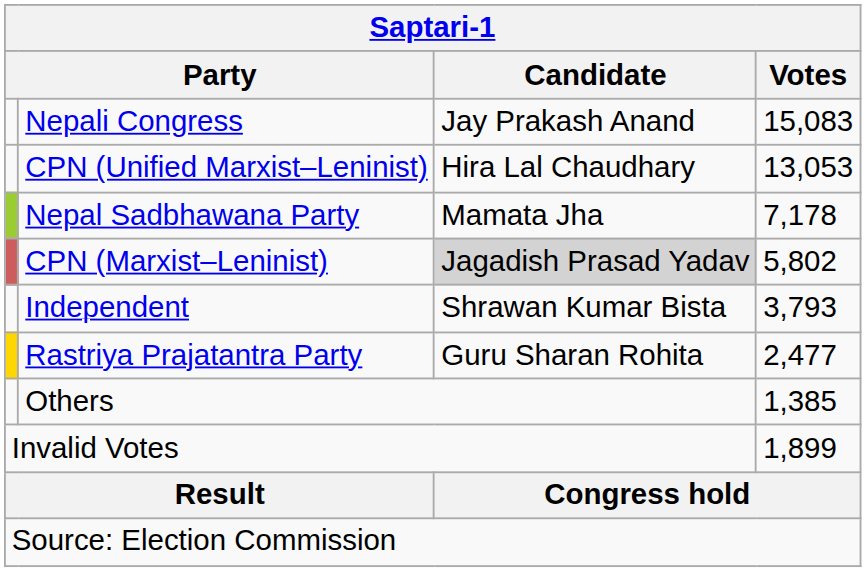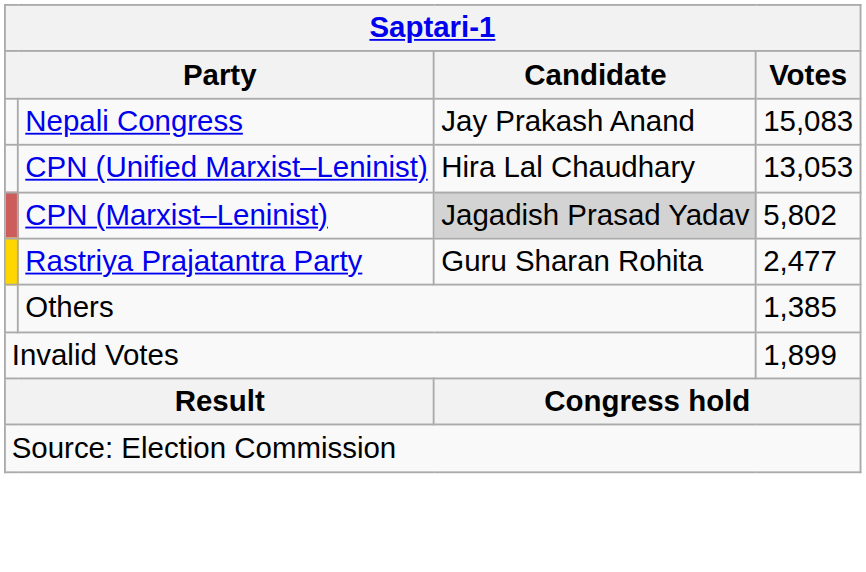 <table class="wikitable">
 <tr>
 <th colspan="4"><a href='#'>Saptari-1</a></th>
 </tr>
 <tr>
 <th colspan="2">Party</th>
 <th>Candidate</th>
 <th>Votes</th>
 </tr>
 <tr>
 <td style="background-color:"></td>
 <td><a href='#'>Nepali Congress</a></td>
 <td>Jay Prakash Anand</td>
 <td>15,083</td>
 </tr>
 <tr>
 <td style="background-color:"></td>
 <td><a href='#'>CPN (Unified Marxist–Leninist)</a></td>
 <td>Hira Lal Chaudhary</td>
 <td>13,053</td>
 </tr>
 <tr>
-<td style="background-color:yellowgreen"></td>
-<td><a href='#'>Nepal Sadbhawana Party</a></td>
-<td>Mamata Jha</td>
-<td>7,178</td>
-</tr>
-<tr>
 <td style="background-color:indianred"></td>
 <td><a href='#'>CPN (Marxist–Leninist)</a></td>
 <td style="background: lightgrey;">Jagadish Prasad Yadav</td>
 <td>5,802</td>
-</tr>
-<tr>
-<td style="background-color:"></td>
-<td><a href='#'>Independent</a></td>
-<td>Shrawan Kumar Bista</td>
-<td>3,793</td>
 </tr>
 <tr>
 <td style="background-color:gold"></td>
 <td><a href='#'>Rastriya Prajatantra Party</a></td>
 <td>Guru Sharan Rohita</td>
 <td>2,477</td>
 </tr>
 <tr>
 <td></td>
 <td colspan="2">Others</td>
 <td>1,385</td>
 </tr>
 <tr>
 <td colspan="3">Invalid Votes</td>
 <td>1,899</td>
 </tr>
 <tr>
 <th colspan="2">Result</th>
 <th colspan="2">Congress hold</th>
 </tr>
 <tr>
 <td colspan="4">Source: Election Commission</td>
 </tr>
 </table>
